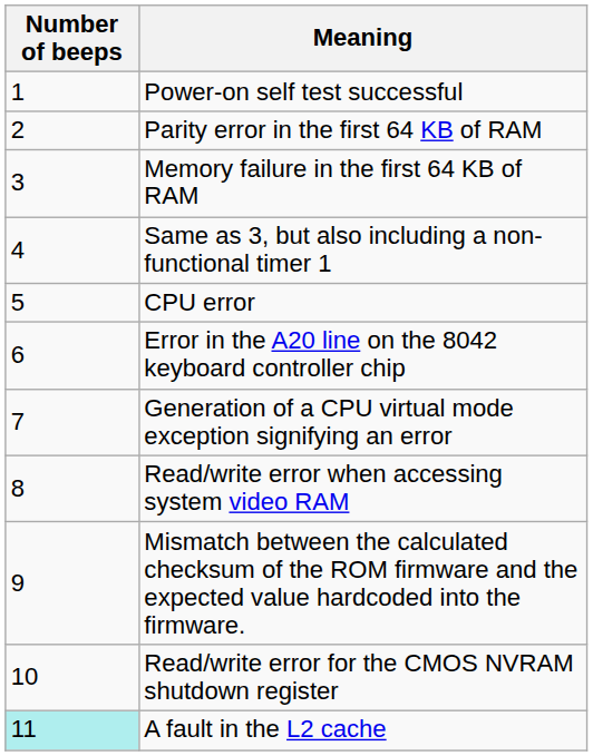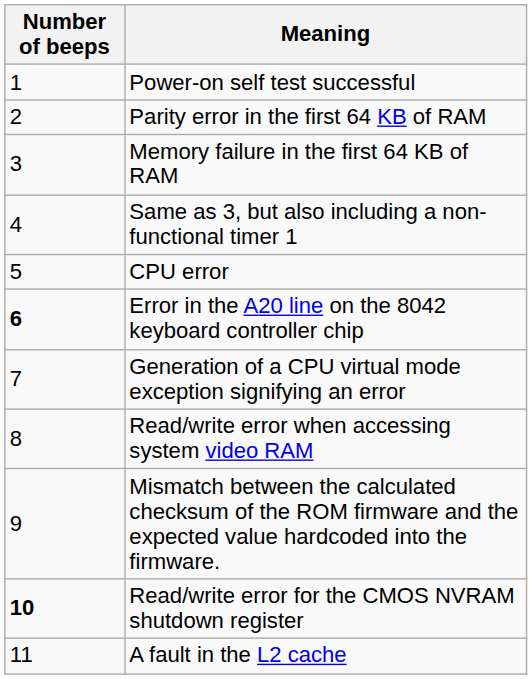 <table class="wikitable" style="float:right; clear:right;" width="30%">
 <tr>
 <th>Number of beeps</th>
 <th>Meaning</th>
 </tr>
 <tr>
 <td>1</td>
 <td>Power-on self test successful</td>
 </tr>
 <tr>
 <td>2</td>
 <td>Parity error in the first 64 <a href='#'>KB</a> of RAM</td>
 </tr>
 <tr>
 <td>3</td>
 <td>Memory failure in the first 64 KB of RAM</td>
 </tr>
 <tr>
 <td>4</td>
 <td>Same as 3, but also including a non-functional timer 1</td>
 </tr>
 <tr>
 <td>5</td>
 <td>CPU error</td>
 </tr>
 <tr>
-<td>6</td>
+<td><strong>6</strong></td>
 <td>Error in the <a href='#'>A20 line</a> on the 8042 keyboard controller chip</td>
 </tr>
 <tr>
 <td>7</td>
 <td>Generation of a CPU virtual mode exception signifying an error</td>
 </tr>
 <tr>
 <td>8</td>
 <td>Read/write error when accessing system <a href='#'>video RAM</a></td>
 </tr>
 <tr>
 <td>9</td>
 <td>Mismatch between the calculated checksum of the ROM firmware and the expected value hardcoded into the firmware.</td>
 </tr>
 <tr>
-<td>10</td>
+<td><strong>10</strong></td>
 <td>Read/write error for the CMOS NVRAM shutdown register</td>
 </tr>
 <tr>
-<td style="background: paleturquoise;">11</td>
+<td>11</td>
 <td>A fault in the <a href='#'>L2 cache</a></td>
 </tr>
 </table>
